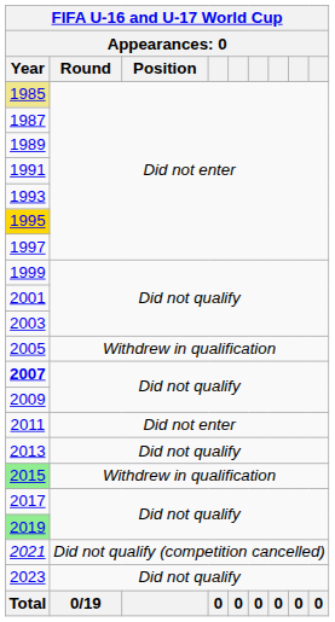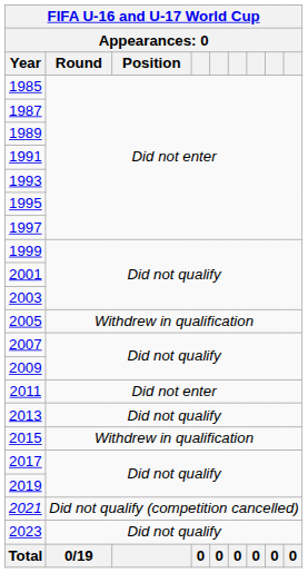 <table class="wikitable" style="text-align: center;">
 <tr>
 <th colspan=9><a href='#'>FIFA U-16 and U-17 World Cup</a></th>
 </tr>
 <tr>
 <th colspan=9>Appearances: 0</th>
 </tr>
 <tr>
 <th>Year</th>
 <th>Round</th>
 <th>Position</th>
 <th></th>
 <th></th>
 <th></th>
 <th></th>
 <th></th>
 <th></th>
 </tr>
 <tr>
-<td style="background: khaki;"> <a href='#'>1985</a></td>
+<td> <a href='#'>1985</a></td>
 <td colspan=8 rowspan=7><em>Did not enter</em></td>
 </tr>
 <tr>
 <td> <a href='#'>1987</a></td>
 </tr>
 <tr>
 <td> <a href='#'>1989</a></td>
 </tr>
 <tr>
 <td> <a href='#'>1991</a></td>
 </tr>
 <tr>
 <td> <a href='#'>1993</a></td>
 </tr>
 <tr>
-<td style="background: gold;"> <a href='#'>1995</a></td>
+<td> <a href='#'>1995</a></td>
 </tr>
 <tr>
 <td> <a href='#'>1997</a></td>
 </tr>
 <tr>
 <td> <a href='#'>1999</a></td>
 <td colspan=8 rowspan=3><em>Did not qualify</em></td>
 </tr>
 <tr>
 <td> <a href='#'>2001</a></td>
 </tr>
 <tr>
 <td> <a href='#'>2003</a></td>
 </tr>
 <tr>
 <td> <a href='#'>2005</a></td>
 <td colspan=8 rowspan=1><em>Withdrew in qualification</em></td>
 </tr>
 <tr>
-<td><strong> <a href='#'>2007</a></strong></td>
+<td> <a href='#'>2007</a></td>
 <td colspan=8 rowspan=2><em>Did not qualify</em></td>
 </tr>
 <tr>
 <td> <a href='#'>2009</a></td>
 </tr>
 <tr>
 <td> <a href='#'>2011</a></td>
 <td colspan=8 rowspan=1><em>Did not enter</em></td>
 </tr>
 <tr>
 <td> <a href='#'>2013</a></td>
 <td colspan=8 rowspan=1><em>Did not qualify</em></td>
 </tr>
 <tr>
-<td style="background: lightgreen;"> <a href='#'>2015</a></td>
+<td> <a href='#'>2015</a></td>
 <td colspan=8 rowspan=1><em>Withdrew in qualification</em></td>
 </tr>
 <tr>
 <td> <a href='#'>2017</a></td>
 <td colspan=8 rowspan=2><em>Did not qualify</em></td>
 </tr>
 <tr>
-<td style="background: lightgreen;"> <a href='#'>2019</a></td>
+<td> <a href='#'>2019</a></td>
 </tr>
 <tr>
 <td> <em><a href='#'>2021</a></em></td>
 <td colspan=8 rowspan=1><em>Did not qualify (competition cancelled)</em></td>
 </tr>
 <tr>
 <td> <a href='#'>2023</a></td>
 <td colspan=8 rowspan=1><em>Did not qualify</em></td>
 </tr>
 <tr>
 <th>Total</th>
 <th>0/19</th>
 <th></th>
 <th>0</th>
 <th>0</th>
 <th>0</th>
 <th>0</th>
 <th>0</th>
 <th>0</th>
 </tr>
 </table>
